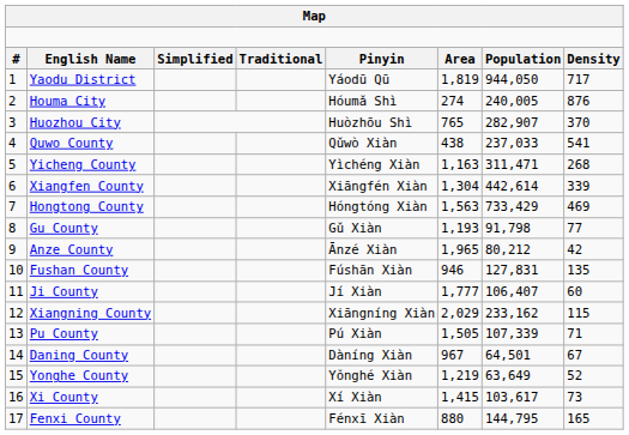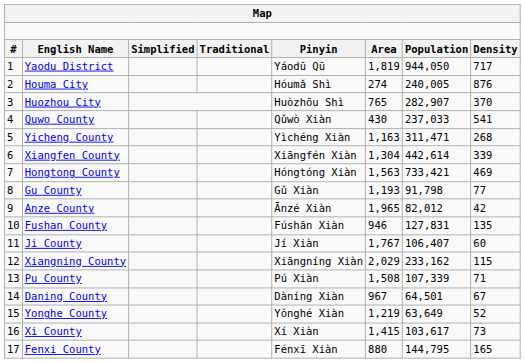 <table class="wikitable"  style="font-size:90%;" align="center">
 <tr>
 <th colspan="8" align="center">Map</th>
 </tr>
 <tr>
 <td colspan="8" align="center"><div><br>                    </div></td>
 </tr>
 <tr>
 <th>#</th>
 <th>English Name</th>
 <th>Simplified</th>
 <th>Traditional</th>
 <th>Pinyin</th>
 <th>Area</th>
 <th>Population</th>
 <th>Density</th>
 </tr>
 <tr --------->
 <td>1</td>
 <td><a href='#'>Yaodu District</a></td>
 <td></td>
 <td></td>
 <td>Yáodū Qū</td>
 <td>1,819</td>
 <td>944,050</td>
 <td>717</td>
 </tr>
 <tr --------->
 <td>2</td>
 <td><a href='#'>Houma City</a></td>
 <td></td>
 <td></td>
 <td>Hóumǎ Shì</td>
 <td>274</td>
 <td>240,005</td>
 <td>876</td>
 </tr>
 <tr --------->
 <td>3</td>
 <td><a href='#'>Huozhou City</a></td>
 <td colspan="2" style="text-align: center;"></td>
 <td>Huòzhōu Shì</td>
 <td>765</td>
 <td>282,907</td>
 <td>370</td>
 </tr>
 <tr --------->
 <td>4</td>
 <td><a href='#'>Quwo County</a></td>
 <td></td>
 <td></td>
 <td>Qǔwò Xiàn</td>
-<td>438</td>
+<td>430</td>
 <td>237,033</td>
 <td>541</td>
 </tr>
 <tr --------->
 <td>5</td>
 <td><a href='#'>Yicheng County</a></td>
 <td></td>
 <td></td>
 <td>Yìchéng Xiàn</td>
 <td>1,163</td>
 <td>311,471</td>
 <td>268</td>
 </tr>
 <tr --------->
 <td>6</td>
 <td><a href='#'>Xiangfen County</a></td>
 <td></td>
 <td></td>
 <td>Xiāngfén Xiàn</td>
 <td>1,304</td>
 <td>442,614</td>
 <td>339</td>
 </tr>
 <tr --------->
 <td>7</td>
 <td><a href='#'>Hongtong County</a></td>
 <td></td>
 <td></td>
 <td>Hóngtóng Xiàn</td>
 <td>1,563</td>
-<td>733,429</td>
+<td>733,421</td>
 <td>469</td>
 </tr>
 <tr --------->
 <td>8</td>
 <td><a href='#'>Gu County</a></td>
 <td></td>
 <td></td>
 <td>Gǔ Xiàn</td>
 <td>1,193</td>
 <td>91,798</td>
 <td>77</td>
 </tr>
 <tr --------->
 <td>9</td>
 <td><a href='#'>Anze County</a></td>
 <td></td>
 <td></td>
 <td>Ānzé Xiàn</td>
 <td>1,965</td>
-<td>80,212</td>
+<td>82,012</td>
 <td>42</td>
 </tr>
 <tr --------->
 <td>10</td>
 <td><a href='#'>Fushan County</a></td>
 <td></td>
 <td></td>
 <td>Fúshān Xiàn</td>
 <td>946</td>
 <td>127,831</td>
 <td>135</td>
 </tr>
 <tr --------->
 <td>11</td>
 <td><a href='#'>Ji County</a></td>
 <td></td>
 <td></td>
 <td>Jí Xiàn</td>
-<td>1,777</td>
+<td>1,767</td>
 <td>106,407</td>
 <td>60</td>
 </tr>
 <tr --------->
 <td>12</td>
 <td><a href='#'>Xiangning County</a></td>
 <td></td>
 <td></td>
 <td>Xiāngníng Xiàn</td>
 <td>2,029</td>
 <td>233,162</td>
 <td>115</td>
 </tr>
 <tr --------->
 <td>13</td>
 <td><a href='#'>Pu County</a></td>
 <td></td>
 <td></td>
 <td>Pú Xiàn</td>
-<td>1,505</td>
+<td>1,508</td>
 <td>107,339</td>
 <td>71</td>
 </tr>
 <tr --------->
 <td>14</td>
 <td><a href='#'>Daning County</a></td>
 <td></td>
 <td></td>
 <td>Dàníng Xiàn</td>
 <td>967</td>
 <td>64,501</td>
 <td>67</td>
 </tr>
 <tr --------->
 <td>15</td>
 <td><a href='#'>Yonghe County</a></td>
 <td></td>
 <td></td>
 <td>Yǒnghé Xiàn</td>
 <td>1,219</td>
 <td>63,649</td>
 <td>52</td>
 </tr>
 <tr --------->
 <td>16</td>
 <td><a href='#'>Xi County</a></td>
 <td></td>
 <td></td>
 <td>Xí Xiàn</td>
 <td>1,415</td>
 <td>103,617</td>
 <td>73</td>
 </tr>
 <tr --------->
 <td>17</td>
 <td><a href='#'>Fenxi County</a></td>
 <td></td>
 <td></td>
 <td>Fénxī Xiàn</td>
 <td>880</td>
 <td>144,795</td>
 <td>165</td>
 </tr>
 </table>
